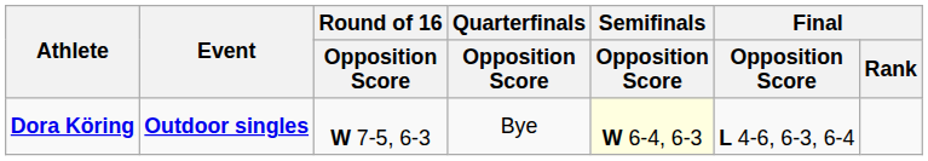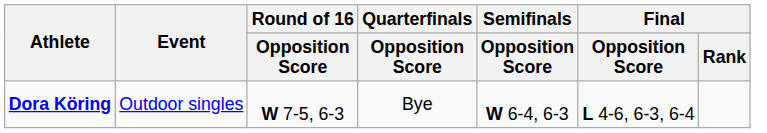 <table class=wikitable style="font-size:90%">
 <tr>
 <th rowspan="2">Athlete</th>
 <th rowspan="2">Event</th>
 <th>Round of 16</th>
 <th>Quarterfinals</th>
 <th>Semifinals</th>
 <th colspan="2">Final</th>
 </tr>
 <tr>
 <th>Opposition<br>Score</th>
 <th>Opposition<br>Score</th>
 <th>Opposition<br>Score</th>
 <th>Opposition<br>Score</th>
 <th>Rank</th>
 </tr>
 <tr>
 <td><strong><a href='#'>Dora Köring</a></strong></td>
-<td><strong><a href='#'>Outdoor singles</a></strong></td>
+<td><a href='#'>Outdoor singles</a></td>
 <td align=center> <br> <strong>W</strong> 7-5, 6-3</td>
 <td align=center>Bye</td>
-<td align=center style="background: lightyellow;"> <br> <strong>W</strong> 6-4, 6-3</td>
+<td align=center> <br> <strong>W</strong> 6-4, 6-3</td>
 <td align=center> <br> <strong>L</strong> 4-6, 6-3, 6-4</td>
 <td align=center></td>
 </tr>
 </table>
